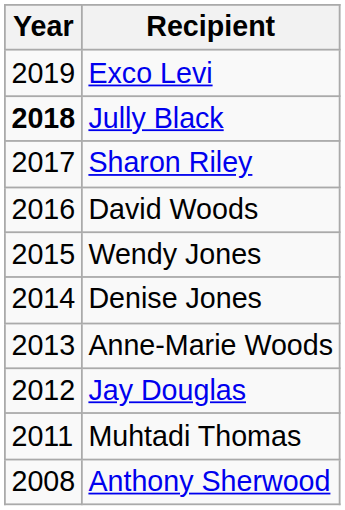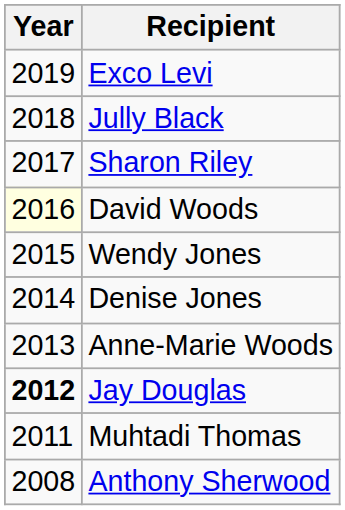 <table class="wikitable sortable">
 <tr>
 <th>Year</th>
 <th>Recipient</th>
 </tr>
 <tr>
 <td>2019</td>
 <td><a href='#'>Exco Levi</a></td>
 </tr>
 <tr>
-<td><strong>2018</strong></td>
+<td>2018</td>
 <td><a href='#'>Jully Black</a></td>
 </tr>
 <tr>
 <td>2017</td>
 <td><a href='#'>Sharon Riley</a></td>
 </tr>
 <tr>
-<td>2016</td>
+<td style="background: lightyellow;">2016</td>
 <td>David Woods</td>
 </tr>
 <tr>
 <td>2015</td>
 <td>Wendy Jones</td>
 </tr>
 <tr>
 <td>2014</td>
 <td>Denise Jones</td>
 </tr>
 <tr>
 <td>2013</td>
 <td>Anne-Marie Woods</td>
 </tr>
 <tr>
-<td>2012</td>
+<td><strong>2012</strong></td>
 <td><a href='#'>Jay Douglas</a></td>
 </tr>
 <tr>
 <td>2011</td>
 <td>Muhtadi Thomas</td>
 </tr>
 <tr>
 <td>2008</td>
 <td><a href='#'>Anthony Sherwood</a></td>
 </tr>
 </table>
